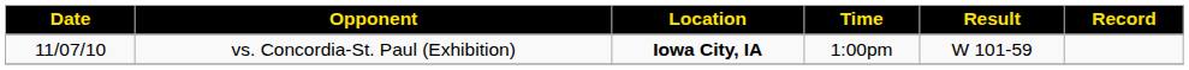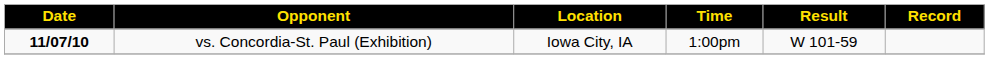 <table class="wikitable" width="80%">
 <tr align="center">
 <th style=" background:black;color:#FFE100;">Date</th>
 <th style=" background:black;color:#FFE100;">Opponent</th>
 <th style=" background:black;color:#FFE100;">Location</th>
 <th style=" background:black;color:#FFE100;">Time</th>
 <th style=" background:black;color:#FFE100;">Result</th>
 <th style=" background:black;color:#FFE100;">Record</th>
 </tr>
 <tr align="center" bgcolor="">
-<td>11/07/10</td>
+<td><strong>11/07/10</strong></td>
 <td>vs. Concordia-St. Paul (Exhibition)</td>
-<td><strong>Iowa City, IA</strong></td>
+<td>Iowa City, IA</td>
 <td>1:00pm</td>
 <td>W 101-59</td>
 <td></td>
 </tr>
 <tr align="center" bgcolor="">
 </tr>
 </table>
